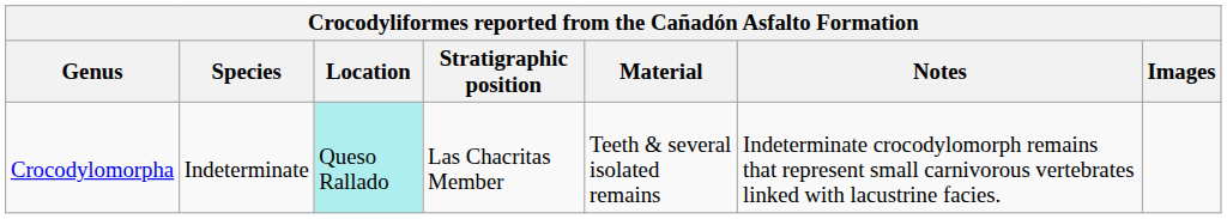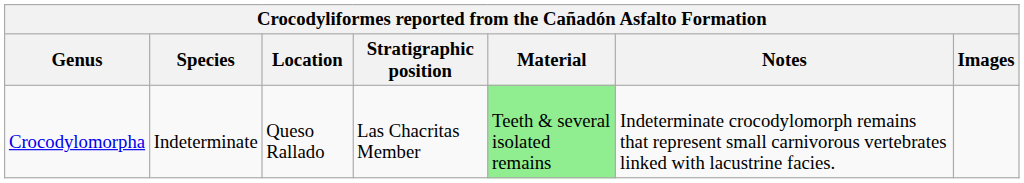 <table class="wikitable sortable">
 <tr>
 <th colspan="7" align="center"><strong>Crocodyliformes reported from the Cañadón Asfalto Formation</strong></th>
 </tr>
 <tr>
 <th>Genus</th>
 <th>Species</th>
 <th>Location</th>
 <th>Stratigraphic position</th>
 <th>Material</th>
 <th>Notes</th>
 <th>Images</th>
 </tr>
 <tr>
 <td><br><a href='#'>Crocodylomorpha</a></td>
 <td><br>Indeterminate</td>
-<td style="background: paleturquoise;"><br>Queso Rallado</td>
+<td><br>Queso Rallado</td>
 <td><br>Las Chacritas Member</td>
-<td><br>Teeth & several isolated remains</td>
+<td style="background: lightgreen;"><br>Teeth & several isolated remains</td>
 <td><br>Indeterminate crocodylomorph remains that represent small carnivorous vertebrates linked with lacustrine facies.</td>
 <td></td>
 </tr>
 </table>
